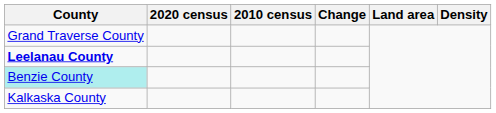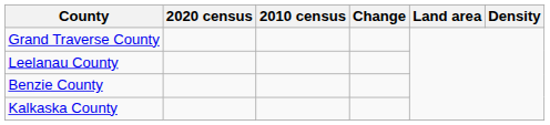 <table class="wikitable sortable">
 <tr>
 <th>County</th>
 <th>2020 census</th>
 <th>2010 census</th>
 <th>Change</th>
 <th>Land area</th>
 <th>Density</th>
 </tr>
 <tr>
 <td><a href='#'>Grand Traverse County</a></td>
 <td></td>
 <td></td>
 <td></td>
 </tr>
 <tr>
-<td><strong><a href='#'>Leelanau County</a></strong></td>
+<td><a href='#'>Leelanau County</a></td>
 <td></td>
 <td></td>
 <td></td>
 </tr>
 <tr>
-<td style="background: paleturquoise;"><a href='#'>Benzie County</a></td>
+<td><a href='#'>Benzie County</a></td>
 <td></td>
 <td></td>
 <td></td>
 </tr>
 <tr>
 <td><a href='#'>Kalkaska County</a></td>
 <td></td>
 <td></td>
 <td></td>
 </tr>
 </table>
